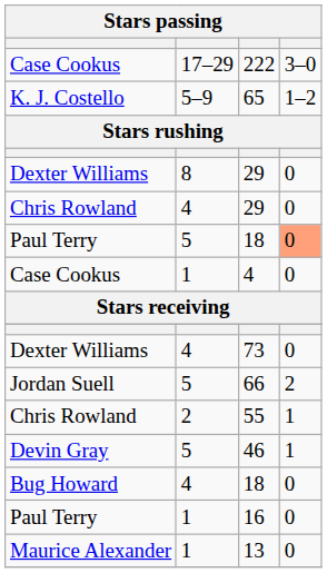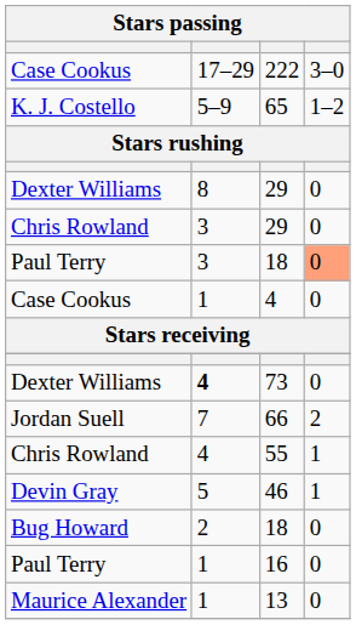 <table class="wikitable plainrowheaders">
 <tr>
 <th colspan="6">Stars passing</th>
 </tr>
 <tr>
 <th scope="col"></th>
 <th scope="col"></th>
 <th scope="col"></th>
 <th scope="col"></th>
 </tr>
 <tr>
 <td><a href='#'>Case Cookus</a></td>
 <td>17–29</td>
 <td>222</td>
 <td>3–0</td>
 </tr>
 <tr>
 <td><a href='#'>K. J. Costello</a></td>
 <td>5–9</td>
 <td>65</td>
 <td>1–2</td>
 </tr>
 <tr>
 <th colspan="6">Stars rushing</th>
 </tr>
 <tr>
 <th scope="col"></th>
 <th scope="col"></th>
 <th scope="col"></th>
 <th scope="col"></th>
 </tr>
 <tr>
 <td><a href='#'>Dexter Williams</a></td>
 <td>8</td>
 <td>29</td>
 <td>0</td>
 </tr>
 <tr>
 <td><a href='#'>Chris Rowland</a></td>
-<td>4</td>
+<td>3</td>
 <td>29</td>
 <td>0</td>
 </tr>
 <tr>
 <td>Paul Terry</td>
-<td>5</td>
+<td>3</td>
 <td>18</td>
 <td style="background: lightsalmon;">0</td>
 </tr>
 <tr>
 <td>Case Cookus</td>
 <td>1</td>
 <td>4</td>
 <td>0</td>
 </tr>
 <tr>
 <th colspan="6">Stars receiving</th>
 </tr>
 <tr>
 </tr>
 <tr>
 <th scope="col"></th>
 <th scope="col"></th>
 <th scope="col"></th>
 <th scope="col"></th>
 </tr>
 <tr>
 <td>Dexter Williams</td>
-<td>4</td>
+<td><strong>4</strong></td>
 <td>73</td>
 <td>0</td>
 </tr>
 <tr>
 <td>Jordan Suell</td>
-<td>5</td>
+<td>7</td>
 <td>66</td>
 <td>2</td>
 </tr>
 <tr>
 <td>Chris Rowland</td>
-<td>2</td>
+<td>4</td>
 <td>55</td>
 <td>1</td>
 </tr>
 <tr>
 <td><a href='#'>Devin Gray</a></td>
 <td>5</td>
 <td>46</td>
 <td>1</td>
 </tr>
 <tr>
 <td><a href='#'>Bug Howard</a></td>
-<td>4</td>
+<td>2</td>
 <td>18</td>
 <td>0</td>
 </tr>
 <tr>
 <td>Paul Terry</td>
 <td>1</td>
 <td>16</td>
 <td>0</td>
 </tr>
 <tr>
 <td><a href='#'>Maurice Alexander</a></td>
 <td>1</td>
 <td>13</td>
 <td>0</td>
 </tr>
 <tr>
 </tr>
 </table>
